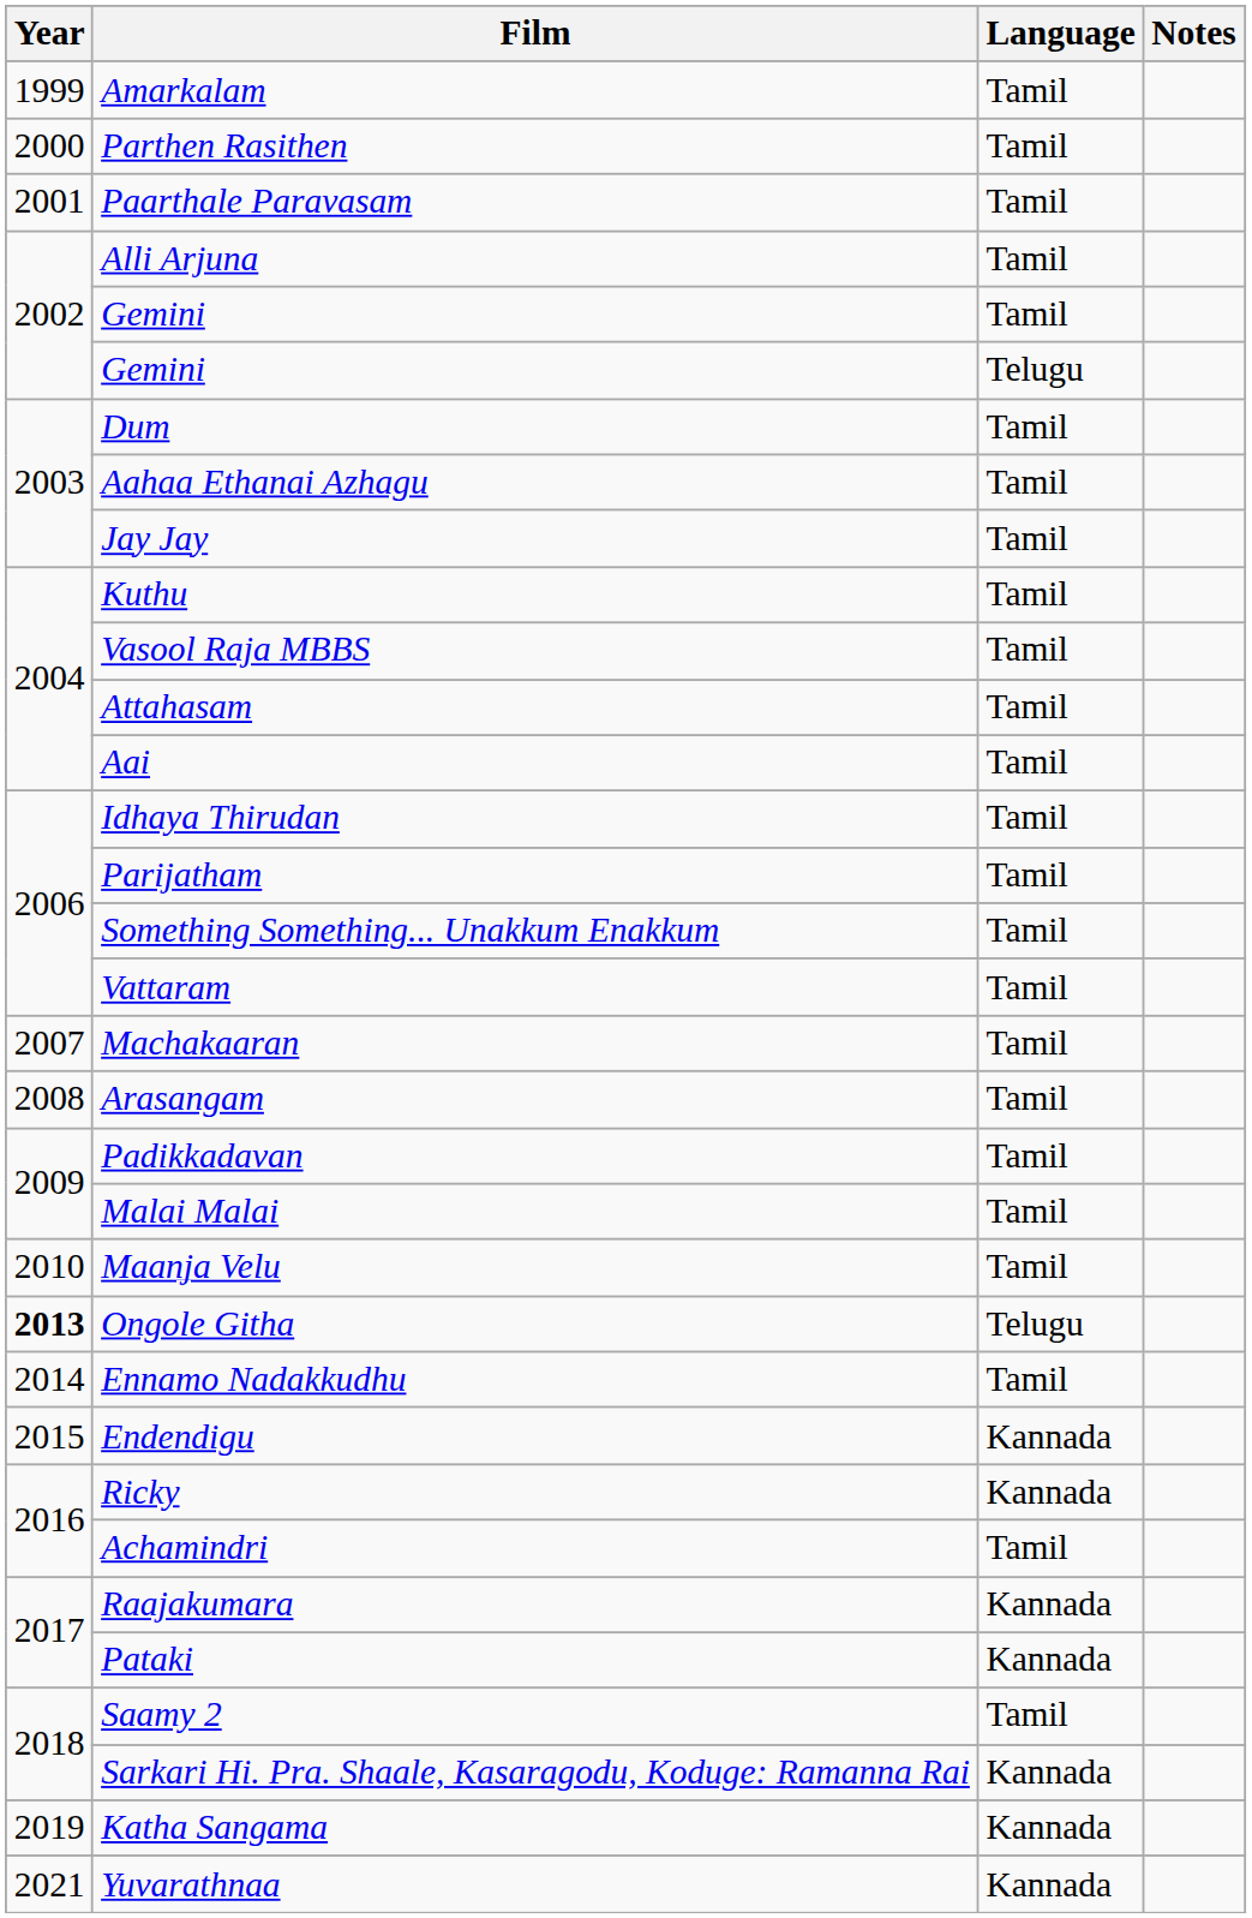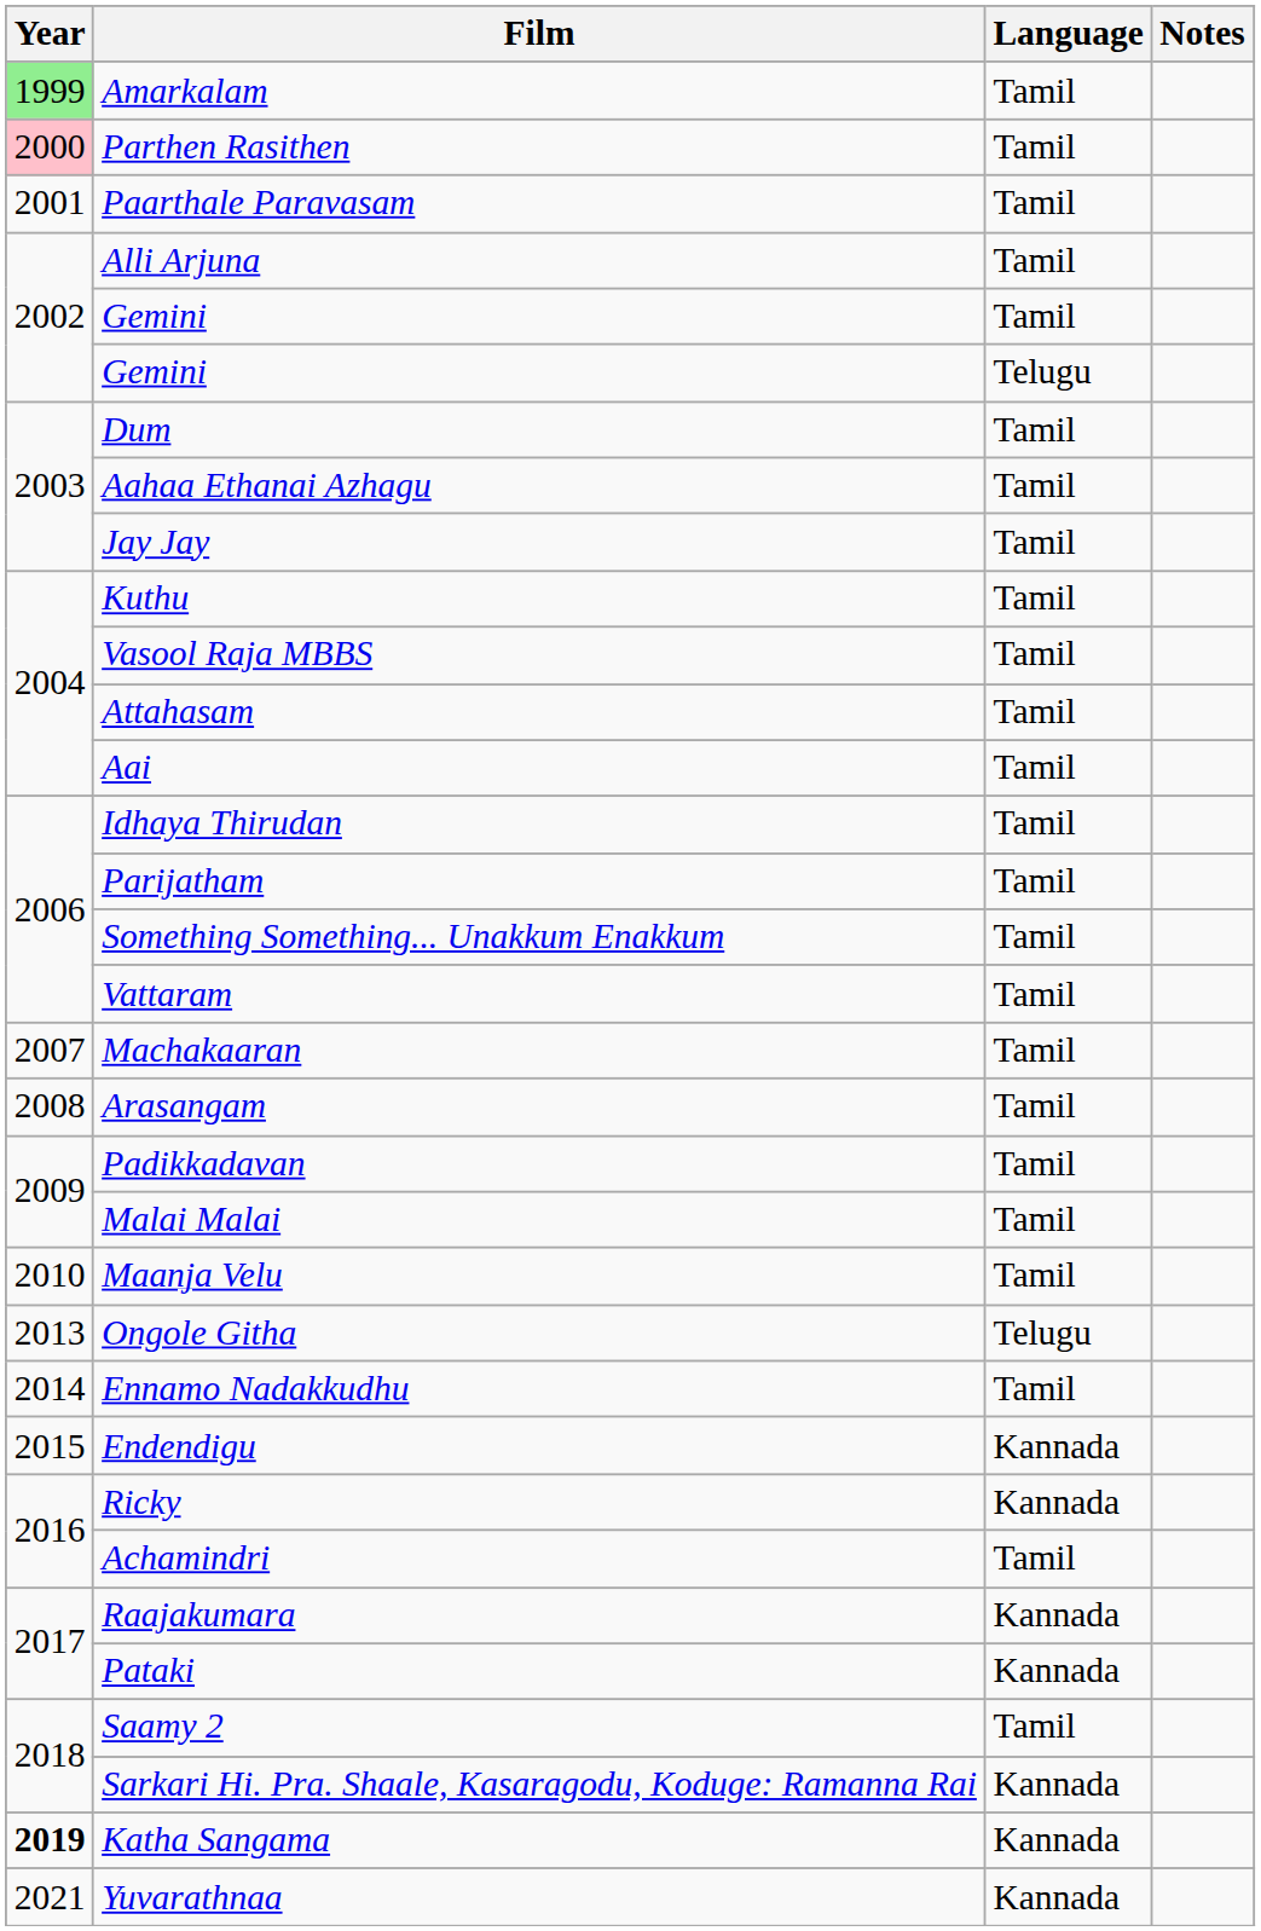 <table class="wikitable">
 <tr>
 <th>Year</th>
 <th>Film</th>
 <th>Language</th>
 <th>Notes</th>
 </tr>
 <tr>
-<td>1999</td>
+<td style="background: lightgreen;">1999</td>
 <td><em><a href='#'>Amarkalam</a></em></td>
 <td>Tamil</td>
 <td></td>
 </tr>
 <tr>
-<td>2000</td>
+<td style="background: pink;">2000</td>
 <td><em><a href='#'>Parthen Rasithen</a></em></td>
 <td>Tamil</td>
 <td></td>
 </tr>
 <tr>
 <td>2001</td>
 <td><em><a href='#'>Paarthale Paravasam</a></em></td>
 <td>Tamil</td>
 <td></td>
 </tr>
 <tr>
 <td rowspan="3">2002</td>
 <td><em><a href='#'>Alli Arjuna</a></em></td>
 <td>Tamil</td>
 <td></td>
 </tr>
 <tr>
 <td><em><a href='#'>Gemini</a></em></td>
 <td>Tamil</td>
 <td></td>
 </tr>
 <tr>
 <td><em><a href='#'>Gemini</a></em></td>
 <td>Telugu</td>
 <td></td>
 </tr>
 <tr>
 <td rowspan="3">2003</td>
 <td><em><a href='#'>Dum</a></em></td>
 <td>Tamil</td>
 <td></td>
 </tr>
 <tr>
 <td><em><a href='#'>Aahaa Ethanai Azhagu</a></em></td>
 <td>Tamil</td>
 <td></td>
 </tr>
 <tr>
 <td><em><a href='#'>Jay Jay</a></em></td>
 <td>Tamil</td>
 <td></td>
 </tr>
 <tr>
 <td rowspan="4">2004</td>
 <td><em><a href='#'>Kuthu</a></em></td>
 <td>Tamil</td>
 <td></td>
 </tr>
 <tr>
 <td><em><a href='#'>Vasool Raja MBBS</a></em></td>
 <td>Tamil</td>
 <td></td>
 </tr>
 <tr>
 <td><em><a href='#'>Attahasam</a></em></td>
 <td>Tamil</td>
 <td></td>
 </tr>
 <tr>
 <td><em><a href='#'>Aai</a></em></td>
 <td>Tamil</td>
 <td></td>
 </tr>
 <tr>
 <td rowspan="4">2006</td>
 <td><em><a href='#'>Idhaya Thirudan</a></em></td>
 <td>Tamil</td>
 <td></td>
 </tr>
 <tr>
 <td><em><a href='#'>Parijatham</a></em></td>
 <td>Tamil</td>
 <td></td>
 </tr>
 <tr>
 <td><em><a href='#'>Something Something... Unakkum Enakkum</a></em></td>
 <td>Tamil</td>
 <td></td>
 </tr>
 <tr>
 <td><em><a href='#'>Vattaram</a></em></td>
 <td>Tamil</td>
 <td></td>
 </tr>
 <tr>
 <td>2007</td>
 <td><em><a href='#'>Machakaaran</a></em></td>
 <td>Tamil</td>
 <td></td>
 </tr>
 <tr>
 <td>2008</td>
 <td><em><a href='#'>Arasangam</a></em></td>
 <td>Tamil</td>
 <td></td>
 </tr>
 <tr>
 <td rowspan="2">2009</td>
 <td><em><a href='#'>Padikkadavan</a></em></td>
 <td>Tamil</td>
 <td></td>
 </tr>
 <tr>
 <td><em><a href='#'>Malai Malai</a></em></td>
 <td>Tamil</td>
 <td></td>
 </tr>
 <tr>
 <td>2010</td>
 <td><em><a href='#'>Maanja Velu</a></em></td>
 <td>Tamil</td>
 <td></td>
 </tr>
 <tr>
-<td><strong>2013</strong></td>
+<td>2013</td>
 <td><em><a href='#'>Ongole Githa</a></em></td>
 <td>Telugu</td>
 <td></td>
 </tr>
 <tr>
 <td>2014</td>
 <td><em><a href='#'>Ennamo Nadakkudhu</a></em></td>
 <td>Tamil</td>
 <td></td>
 </tr>
 <tr>
 <td>2015</td>
 <td><em><a href='#'>Endendigu</a></em></td>
 <td>Kannada</td>
 <td></td>
 </tr>
 <tr>
 <td rowspan="2">2016</td>
 <td><em><a href='#'>Ricky</a></em></td>
 <td>Kannada</td>
 <td></td>
 </tr>
 <tr>
 <td><em><a href='#'>Achamindri</a></em></td>
 <td>Tamil</td>
 <td></td>
 </tr>
 <tr>
 <td rowspan="2">2017</td>
 <td><em><a href='#'>Raajakumara</a></em></td>
 <td>Kannada</td>
 <td></td>
 </tr>
 <tr>
 <td><em><a href='#'>Pataki</a></em></td>
 <td>Kannada</td>
 <td></td>
 </tr>
 <tr>
 <td rowspan="2">2018</td>
 <td><em><a href='#'>Saamy 2</a></em></td>
 <td>Tamil</td>
 <td></td>
 </tr>
 <tr>
 <td><em><a href='#'>Sarkari Hi. Pra. Shaale, Kasaragodu, Koduge: Ramanna Rai</a></em></td>
 <td>Kannada</td>
 <td></td>
 </tr>
 <tr>
-<td>2019</td>
+<td><strong>2019</strong></td>
 <td><em><a href='#'>Katha Sangama</a></em></td>
 <td>Kannada</td>
 <td></td>
 </tr>
 <tr>
 <td>2021</td>
 <td><em><a href='#'>Yuvarathnaa</a></em></td>
 <td>Kannada</td>
 <td></td>
 </tr>
 <tr>
 </tr>
 </table>
